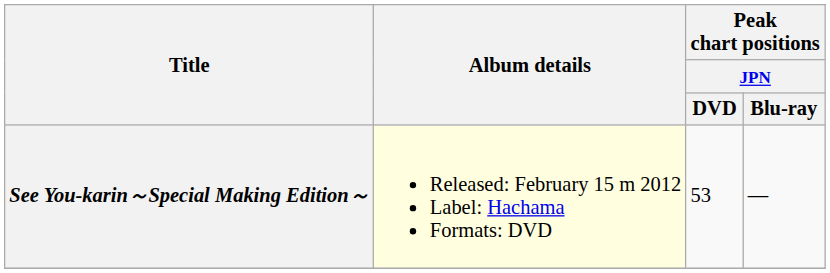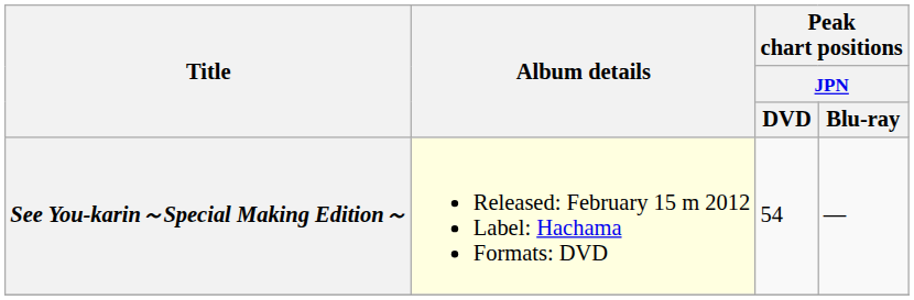 <table class="wikitable plainrowheaders">
 <tr>
 <th rowspan="3" scope="col">Title</th>
 <th rowspan="3" scope="col">Album details</th>
 <th colspan="2" scope="col">Peak<br>chart positions</th>
 </tr>
 <tr>
 <th colspan="2" scope="col"><small><a href='#'>JPN</a></small></th>
 </tr>
 <tr>
 <th>DVD</th>
 <th>Blu-ray</th>
 </tr>
 <tr>
 <th scope="row"><em>See You-karin～Special Making Edition～</em></th>
 <td style="background: lightyellow;"><br><ul><li>Released: February 15 m 2012</li><li>Label: <a href='#'>Hachama</a></li><li>Formats: DVD</li></ul></td>
-<td>53</td>
+<td>54</td>
 <td>—</td>
 </tr>
 <tr>
 </tr>
 </table>
